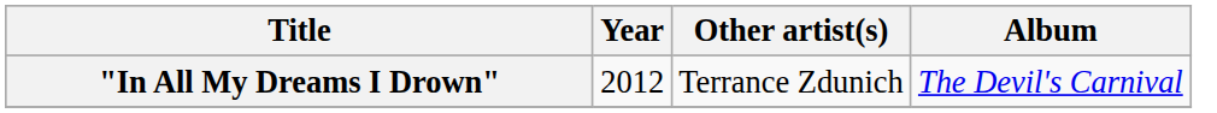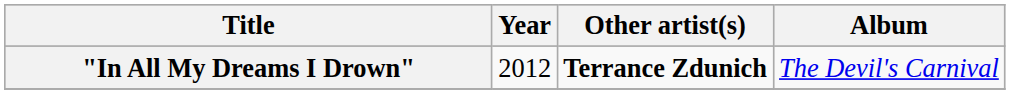 <table class="wikitable plainrowheaders" style="text-align:center;">
 <tr>
 <th scope="col" style="width:18em;">Title</th>
 <th scope="col">Year</th>
 <th scope="col">Other artist(s)</th>
 <th scope="col">Album</th>
 </tr>
 <tr>
 <th scope="row">"In All My Dreams I Drown"</th>
 <td>2012</td>
-<td>Terrance Zdunich</td>
+<td><strong>Terrance Zdunich</strong></td>
 <td><a href='#'><em>The Devil's Carnival</em></a></td>
 </tr>
 <tr>
 </tr>
 </table>
